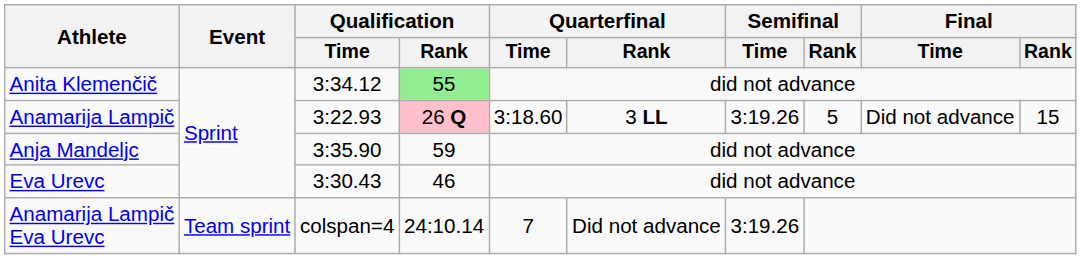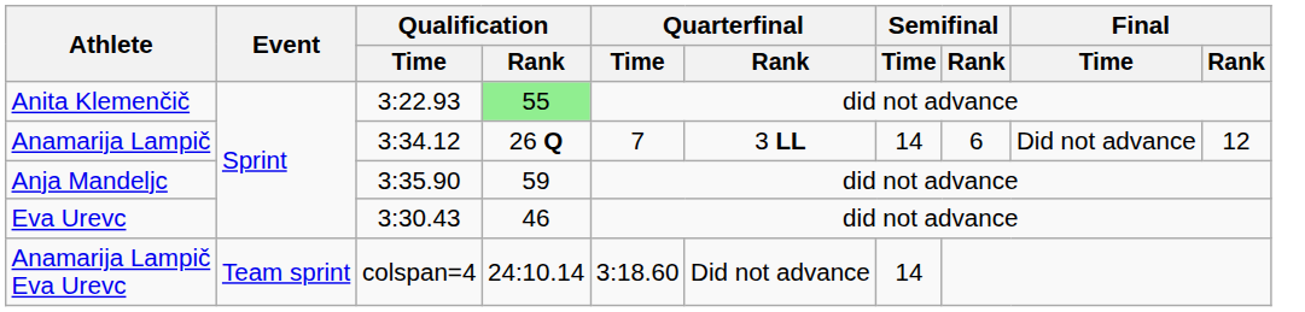 <table class=wikitable style="font-size:90%; text-align:center">
 <tr>
 <th rowspan=2>Athlete</th>
 <th rowspan=2>Event</th>
 <th colspan=2>Qualification</th>
 <th colspan=2>Quarterfinal</th>
 <th colspan=2>Semifinal</th>
 <th colspan=2>Final</th>
 </tr>
 <tr style=font-size:95%>
 <th>Time</th>
 <th>Rank</th>
 <th>Time</th>
 <th>Rank</th>
 <th>Time</th>
 <th>Rank</th>
 <th>Time</th>
 <th>Rank</th>
 </tr>
 <tr>
 <td align=left><a href='#'>Anita Klemenčič</a></td>
 <td align=left rowspan=4><a href='#'>Sprint</a></td>
-<td>3:34.12</td>
+<td>3:22.93</td>
 <td style="background: lightgreen;">55</td>
 <td colspan=6>did not advance</td>
 </tr>
 <tr>
 <td align=left><a href='#'>Anamarija Lampič</a></td>
-<td>3:22.93</td>
-<td style="background: pink;">26 <strong>Q</strong></td>
-<td>3:18.60</td>
+<td>3:34.12</td>
+<td>26 <strong>Q</strong></td>
+<td>7</td>
 <td>3 <strong>LL</strong></td>
-<td>3:19.26</td>
-<td>5</td>
+<td>14</td>
+<td>6</td>
 <td>Did not advance</td>
-<td>15</td>
+<td>12</td>
 </tr>
 <tr>
 <td align=left><a href='#'>Anja Mandeljc</a></td>
 <td>3:35.90</td>
 <td>59</td>
 <td colspan=6>did not advance</td>
 </tr>
 <tr>
 <td align=left><a href='#'>Eva Urevc</a></td>
 <td>3:30.43</td>
 <td>46</td>
 <td colspan=6>did not advance</td>
 </tr>
 <tr>
 <td align=left><a href='#'>Anamarija Lampič</a><br><a href='#'>Eva Urevc</a></td>
 <td align=left><a href='#'>Team sprint</a></td>
 <td>colspan=4 </td>
 <td>24:10.14</td>
-<td>7</td>
+<td>3:18.60</td>
 <td>Did not advance</td>
-<td>3:19.26</td>
+<td>14</td>
 </tr>
 </table>
